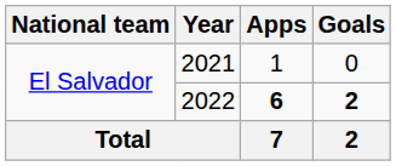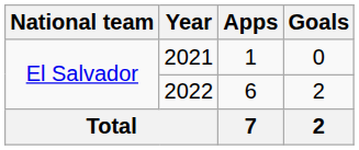 <table class="wikitable" style="text-align:center">
 <tr>
 <th>National team</th>
 <th>Year</th>
 <th>Apps</th>
 <th>Goals</th>
 </tr>
 <tr>
 <td rowspan="2"><a href='#'>El Salvador</a></td>
 <td>2021</td>
 <td>1</td>
 <td>0</td>
 </tr>
 <tr>
 <td>2022</td>
-<td><strong>6</strong></td>
-<td><strong>2</strong></td>
+<td>6</td>
+<td>2</td>
 </tr>
 <tr>
 <th colspan="2">Total</th>
 <th>7</th>
 <th>2</th>
 </tr>
 </table>
